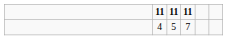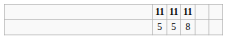 <table class="wikitable">
 <tr>
 <td style="width:15em"></td>
 <td align=center style="width:1em"><strong>11</strong></td>
 <td align=center style="width:1em"><strong>11</strong></td>
 <td align=center style="width:1em"><strong>11</strong></td>
 <td align=center style="width:1em"></td>
 <td align=center style="width:1em"></td>
 </tr>
 <tr>
 <td style="width:15em"></td>
-<td align=center style="width:1em">4</td>
 <td align=center style="width:1em">5</td>
-<td align=center style="width:1em">7</td>
+<td align=center style="width:1em">5</td>
+<td align=center style="width:1em">8</td>
 <td align=center style="width:1em"></td>
 <td align=center style="width:1em"></td>
 </tr>
 </table>
